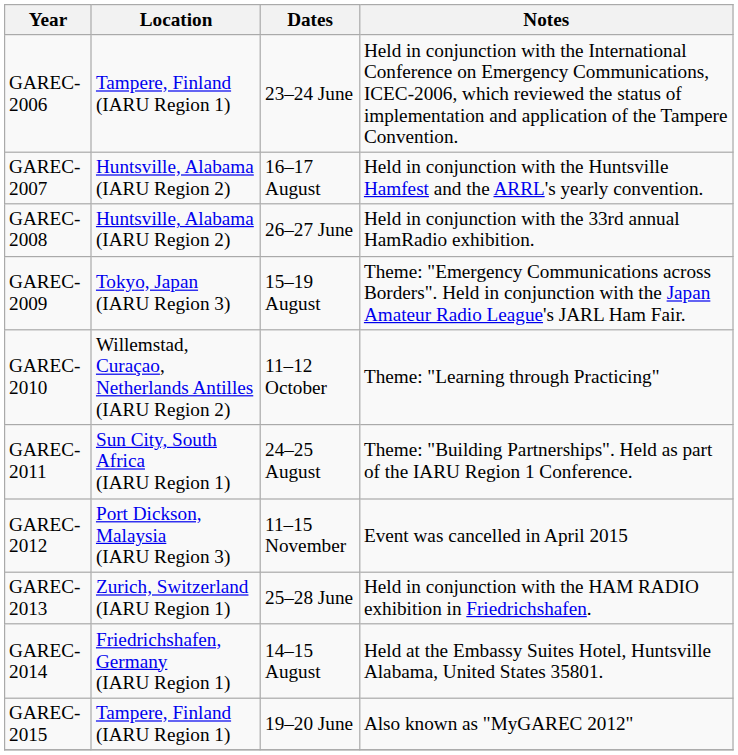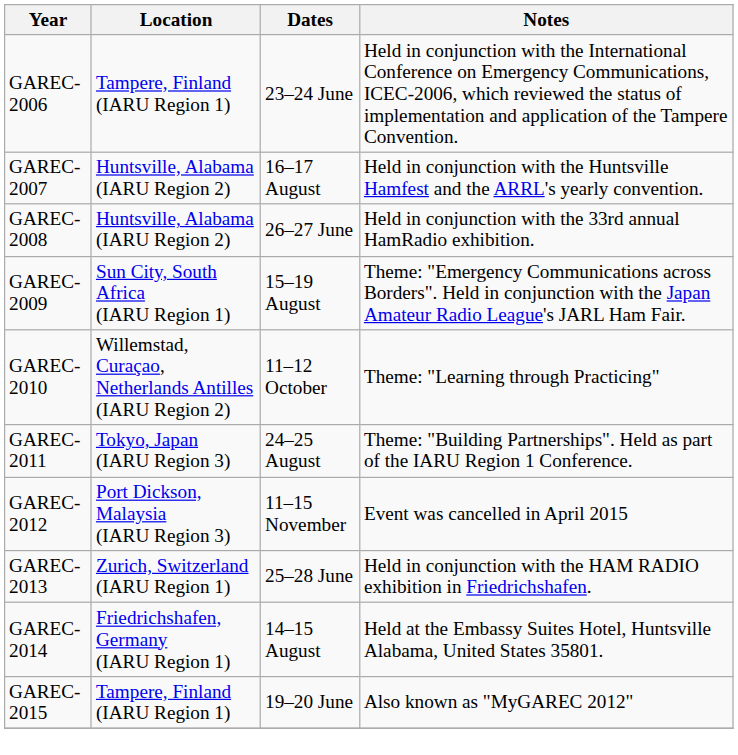 <table class="wikitable">
 <tr>
 <th>Year</th>
 <th>Location</th>
 <th>Dates</th>
 <th>Notes</th>
 </tr>
 <tr>
 <td>GAREC-2006</td>
 <td><a href='#'>Tampere, Finland</a><br>(IARU Region 1)</td>
 <td>23–24 June</td>
 <td>Held in conjunction with the International Conference on Emergency Communications, ICEC-2006, which reviewed the status of implementation and application of the Tampere Convention.</td>
 </tr>
 <tr>
 <td>GAREC-2007</td>
 <td><a href='#'>Huntsville, Alabama</a><br>(IARU Region 2)</td>
 <td>16–17 August</td>
 <td>Held in conjunction with the Huntsville <a href='#'>Hamfest</a> and the <a href='#'>ARRL</a>'s yearly convention.</td>
 </tr>
 <tr>
 <td>GAREC-2008</td>
 <td><a href='#'>Huntsville, Alabama</a><br>(IARU Region 2)</td>
 <td>26–27 June</td>
 <td>Held in conjunction with the 33rd annual HamRadio exhibition.</td>
 </tr>
 <tr>
 <td>GAREC-2009</td>
-<td><a href='#'>Tokyo, Japan</a><br>(IARU Region 3)</td>
+<td><a href='#'>Sun City, South Africa</a><br>(IARU Region 1)</td>
 <td>15–19 August</td>
 <td>Theme: "Emergency Communications across Borders". Held in conjunction with the <a href='#'>Japan Amateur Radio League</a>'s JARL Ham Fair.</td>
 </tr>
 <tr>
 <td>GAREC-2010</td>
 <td>Willemstad, <a href='#'>Curaçao</a>, <a href='#'>Netherlands Antilles</a><br>(IARU Region 2)</td>
 <td>11–12 October</td>
 <td>Theme: "Learning through Practicing"</td>
 </tr>
 <tr>
 <td>GAREC-2011</td>
-<td><a href='#'>Sun City, South Africa</a><br>(IARU Region 1)</td>
+<td><a href='#'>Tokyo, Japan</a><br>(IARU Region 3)</td>
 <td>24–25 August</td>
 <td>Theme: "Building Partnerships". Held as part of the IARU Region 1 Conference.</td>
 </tr>
 <tr>
 <td>GAREC-2012</td>
 <td><a href='#'>Port Dickson, Malaysia</a><br>(IARU Region 3)</td>
 <td>11–15 November</td>
 <td>Event was cancelled in April 2015</td>
 </tr>
 <tr>
 <td>GAREC-2013</td>
 <td><a href='#'>Zurich, Switzerland</a><br>(IARU Region 1)</td>
 <td>25–28 June</td>
 <td>Held in conjunction with the HAM RADIO exhibition in <a href='#'>Friedrichshafen</a>.</td>
 </tr>
 <tr>
 <td>GAREC-2014</td>
 <td><a href='#'>Friedrichshafen, Germany</a><br>(IARU Region 1)</td>
 <td>14–15 August</td>
 <td>Held at the Embassy Suites Hotel, Huntsville Alabama, United States 35801.</td>
 </tr>
 <tr>
 <td>GAREC-2015</td>
 <td><a href='#'>Tampere, Finland</a><br>(IARU Region 1)</td>
 <td>19–20 June</td>
 <td>Also known as "MyGAREC 2012"</td>
 </tr>
 <tr>
 </tr>
 </table>
